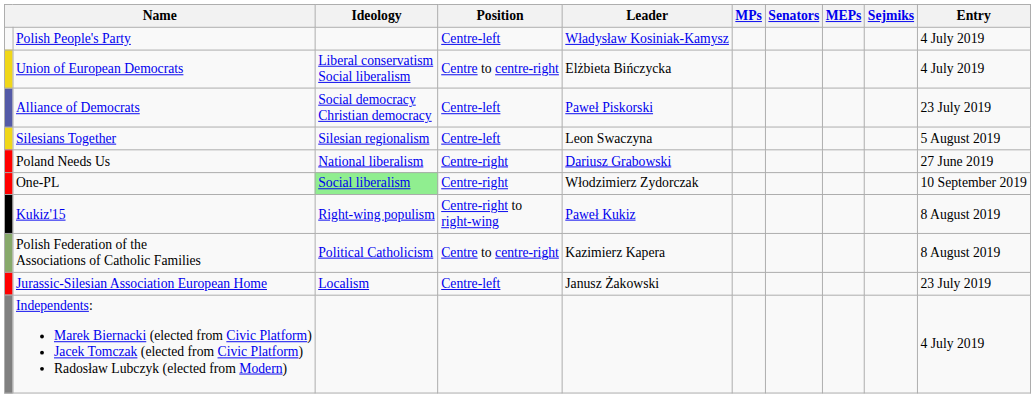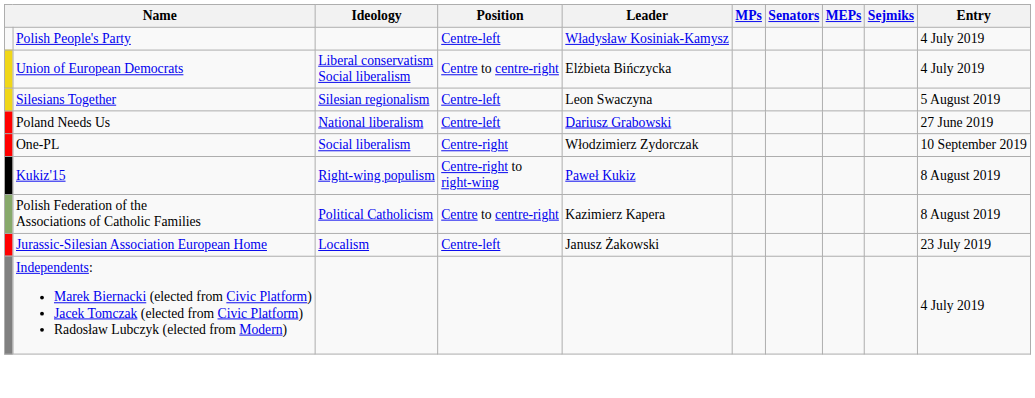 <table class="wikitable" style="font-size:90%;">
 <tr>
 <th colspan="2">Name</th>
 <th>Ideology</th>
 <th>Position</th>
 <th>Leader</th>
 <th><a href='#'>MPs</a></th>
 <th><a href='#'>Senators</a></th>
 <th><a href='#'>MEPs</a></th>
 <th><a href='#'>Sejmiks</a></th>
 <th>Entry</th>
 </tr>
 <tr>
 <td style="width:2px;background:"></td>
 <td><a href='#'>Polish People's Party</a></td>
 <td></td>
 <td><a href='#'>Centre-left</a></td>
 <td><a href='#'>Władysław Kosiniak-Kamysz</a></td>
 <td></td>
 <td></td>
 <td></td>
 <td></td>
 <td>4 July 2019</td>
 </tr>
 <tr>
 <td style="width:2px;background:#F0D719;"></td>
 <td><a href='#'>Union of European Democrats</a></td>
 <td><a href='#'>Liberal conservatism</a><br><a href='#'>Social liberalism</a></td>
 <td><a href='#'>Centre</a> to <a href='#'>centre-right</a></td>
 <td>Elżbieta Bińczycka</td>
 <td></td>
 <td></td>
 <td></td>
 <td></td>
 <td>4 July 2019</td>
 </tr>
 <tr>
-<td style="width:2px;background:#545AA7;"></td>
-<td><a href='#'>Alliance of Democrats</a></td>
-<td><a href='#'>Social democracy</a><br><a href='#'>Christian democracy</a></td>
-<td><a href='#'>Centre-left</a></td>
-<td><a href='#'>Paweł Piskorski</a></td>
-<td></td>
-<td></td>
-<td></td>
-<td></td>
-<td>23 July 2019</td>
-</tr>
-<tr>
 <td style="width:2px;background:#F0D719;"></td>
 <td><a href='#'>Silesians Together</a></td>
 <td><a href='#'>Silesian regionalism</a></td>
 <td><a href='#'>Centre-left</a></td>
 <td>Leon Swaczyna</td>
 <td></td>
 <td></td>
 <td></td>
 <td></td>
 <td>5 August 2019</td>
 </tr>
 <tr>
 <td style="width:2px;background:red;"></td>
 <td>Poland Needs Us</td>
 <td><a href='#'>National liberalism</a></td>
-<td><a href='#'>Centre-right</a></td>
+<td><a href='#'>Centre-left</a></td>
 <td><a href='#'>Dariusz Grabowski</a></td>
 <td></td>
 <td></td>
 <td></td>
 <td></td>
 <td>27 June 2019</td>
 </tr>
 <tr>
 <td style="width:2px;background:red;"></td>
 <td>One-PL</td>
-<td style="background: lightgreen;"><a href='#'>Social liberalism</a></td>
+<td><a href='#'>Social liberalism</a></td>
 <td><a href='#'>Centre-right</a></td>
 <td>Włodzimierz Zydorczak</td>
 <td></td>
 <td></td>
 <td></td>
 <td></td>
 <td>10 September 2019</td>
 </tr>
 <tr>
 <td style="width:2px;background:black;"></td>
 <td><a href='#'>Kukiz'15</a></td>
 <td><a href='#'>Right-wing populism</a></td>
 <td><a href='#'>Centre-right</a> to<br><a href='#'>right-wing</a></td>
 <td><a href='#'>Paweł Kukiz</a></td>
 <td></td>
 <td></td>
 <td></td>
 <td></td>
 <td>8 August 2019</td>
 </tr>
 <tr>
 <td style="width:2px;background:#87A96B;"></td>
 <td>Polish Federation of the<br>Associations of Catholic Families</td>
 <td><a href='#'>Political Catholicism</a></td>
 <td><a href='#'>Centre</a> to <a href='#'>centre-right</a></td>
 <td>Kazimierz Kapera</td>
 <td></td>
 <td></td>
 <td></td>
 <td></td>
 <td>8 August 2019</td>
 </tr>
 <tr>
 <td style="width:2px;background:red;"></td>
 <td><a href='#'>Jurassic-Silesian Association European Home</a></td>
 <td><a href='#'>Localism</a></td>
 <td><a href='#'>Centre-left</a></td>
 <td>Janusz Żakowski</td>
 <td></td>
 <td></td>
 <td></td>
 <td></td>
 <td>23 July 2019</td>
 </tr>
 <tr>
 <td style="width:2px;background:grey;"></td>
 <td><a href='#'>Independents</a>:<br><ul><li><a href='#'>Marek Biernacki</a> (elected from <a href='#'>Civic Platform</a>)</li><li><a href='#'>Jacek Tomczak</a> (elected from <a href='#'>Civic Platform</a>)</li><li>Radosław Lubczyk (elected from <a href='#'>Modern</a>)</li></ul></td>
 <td></td>
 <td></td>
 <td></td>
 <td></td>
 <td></td>
 <td></td>
 <td></td>
 <td>4 July 2019</td>
 </tr>
 </table>
